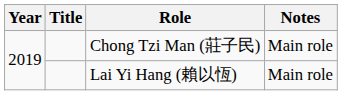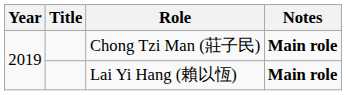 <table class="wikitable">
 <tr>
 <th>Year</th>
 <th>Title</th>
 <th>Role</th>
 <th>Notes</th>
 </tr>
 <tr>
 <td rowspan="2">2019</td>
 <td><em></em></td>
 <td>Chong Tzi Man (莊子民)</td>
-<td>Main role</td>
+<td><strong>Main role</strong></td>
 </tr>
 <tr>
 <td><em></em></td>
 <td>Lai Yi Hang (賴以恆)</td>
-<td>Main role</td>
+<td><strong>Main role</strong></td>
 </tr>
 </table>
